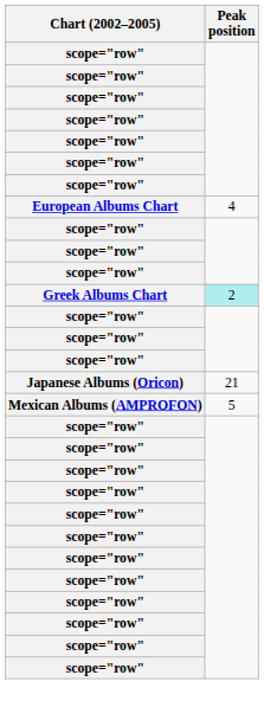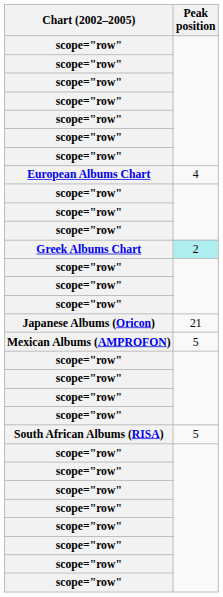 <table class="wikitable plainrowheaders sortable" style="text-align:center;">
 <tr>
 <th scope="col">Chart (2002–2005)</th>
 <th scope="col">Peak<br>position</th>
 </tr>
 <tr>
 <th>scope="row"</th>
 </tr>
 <tr>
 <th>scope="row"</th>
 </tr>
 <tr>
 <th>scope="row"</th>
 </tr>
 <tr>
 <th>scope="row"</th>
 </tr>
 <tr>
 <th>scope="row"</th>
 </tr>
 <tr>
 <th>scope="row"</th>
 </tr>
 <tr>
 <th>scope="row"</th>
 </tr>
 <tr>
 <th scope="row"><a href='#'>European Albums Chart</a></th>
 <td>4</td>
 </tr>
 <tr>
 <th>scope="row"</th>
 </tr>
 <tr>
 <th>scope="row"</th>
 </tr>
 <tr>
 <th>scope="row"</th>
 </tr>
 <tr>
 <th scope="row"><a href='#'>Greek Albums Chart</a></th>
 <td style="background: paleturquoise;">2</td>
 </tr>
 <tr>
 <th>scope="row"</th>
 </tr>
 <tr>
 <th>scope="row"</th>
 </tr>
 <tr>
 <th>scope="row"</th>
 </tr>
 <tr>
 <th scope="row">Japanese Albums (<a href='#'>Oricon</a>)</th>
 <td>21</td>
 </tr>
 <tr>
 <th scope="row">Mexican Albums (<a href='#'>AMPROFON</a>)</th>
 <td style="text-align:center;">5</td>
 </tr>
 <tr>
 <th>scope="row"</th>
 </tr>
 <tr>
 <th>scope="row"</th>
 </tr>
 <tr>
 <th>scope="row"</th>
 </tr>
 <tr>
 <th>scope="row"</th>
 </tr>
 <tr>
+<th scope="row">South African Albums (<a href='#'>RISA</a>)</th>
+<td>5</td>
+</tr>
+<tr>
 <th>scope="row"</th>
 </tr>
 <tr>
 <th>scope="row"</th>
 </tr>
 <tr>
 <th>scope="row"</th>
 </tr>
 <tr>
 <th>scope="row"</th>
 </tr>
 <tr>
 <th>scope="row"</th>
 </tr>
 <tr>
 <th>scope="row"</th>
 </tr>
 <tr>
 <th>scope="row"</th>
 </tr>
 <tr>
 <th>scope="row"</th>
 </tr>
 </table>
